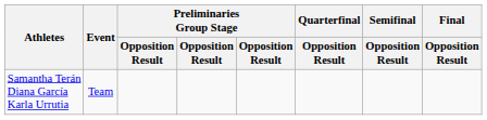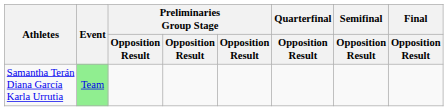 <table class="wikitable" border="1" style="font-size:90%">
 <tr>
 <th rowspan=2>Athletes</th>
 <th rowspan=2>Event</th>
 <th colspan=3>Preliminaries<br>Group Stage</th>
 <th>Quarterfinal</th>
 <th>Semifinal</th>
 <th>Final</th>
 </tr>
 <tr>
 <th>Opposition<br>Result</th>
 <th>Opposition<br>Result</th>
 <th>Opposition<br>Result</th>
 <th>Opposition<br>Result</th>
 <th>Opposition<br>Result</th>
 <th>Opposition<br>Result</th>
 </tr>
 <tr>
 <td><a href='#'>Samantha Terán</a><br><a href='#'>Diana García</a><br><a href='#'>Karla Urrutia</a></td>
-<td align=center><a href='#'>Team</a></td>
+<td align=center style="background: lightgreen;"><a href='#'>Team</a></td>
 <td align=center></td>
 <td align=center></td>
 <td align=center></td>
 <td align=center></td>
 <td align=center></td>
 <td align=center></td>
 </tr>
 </table>
